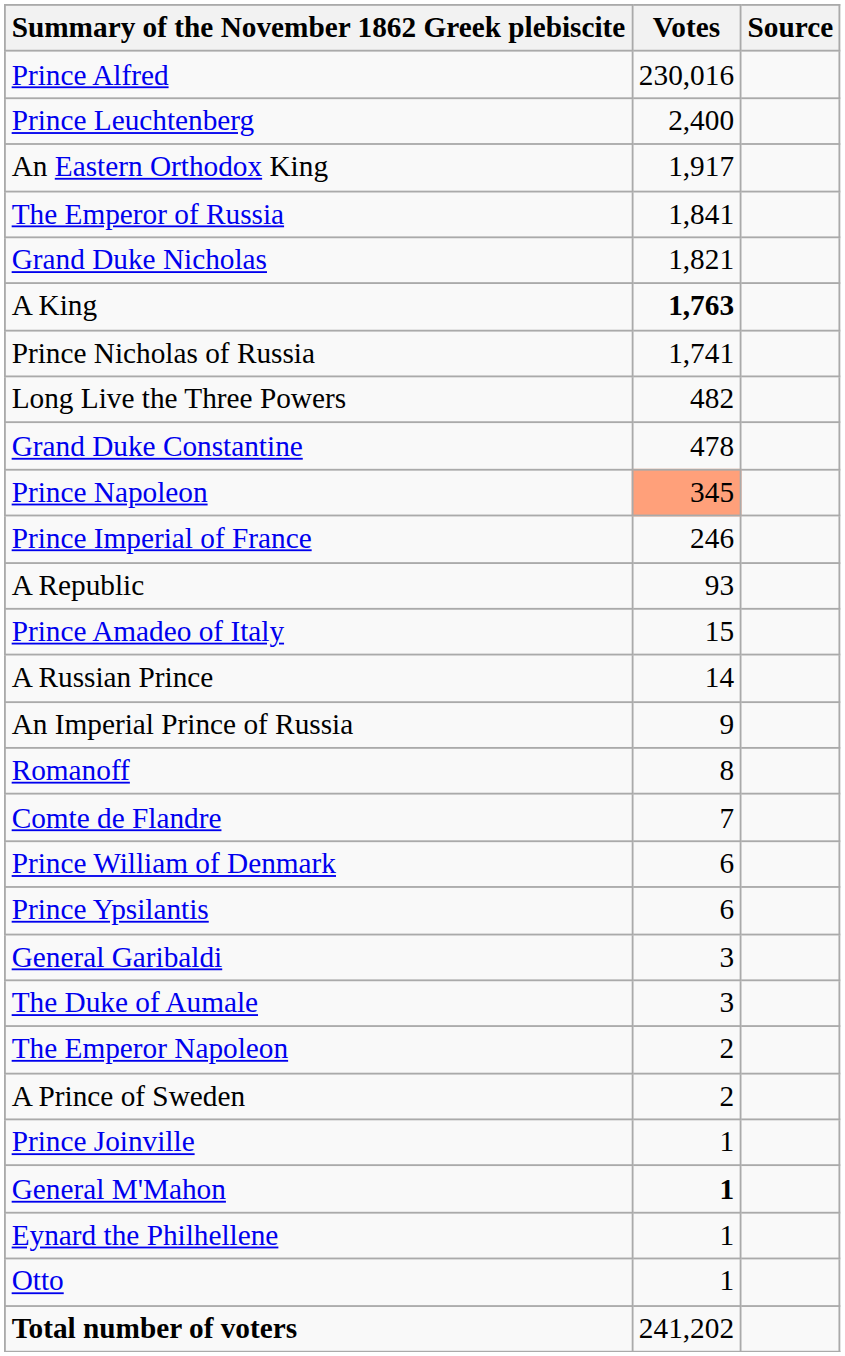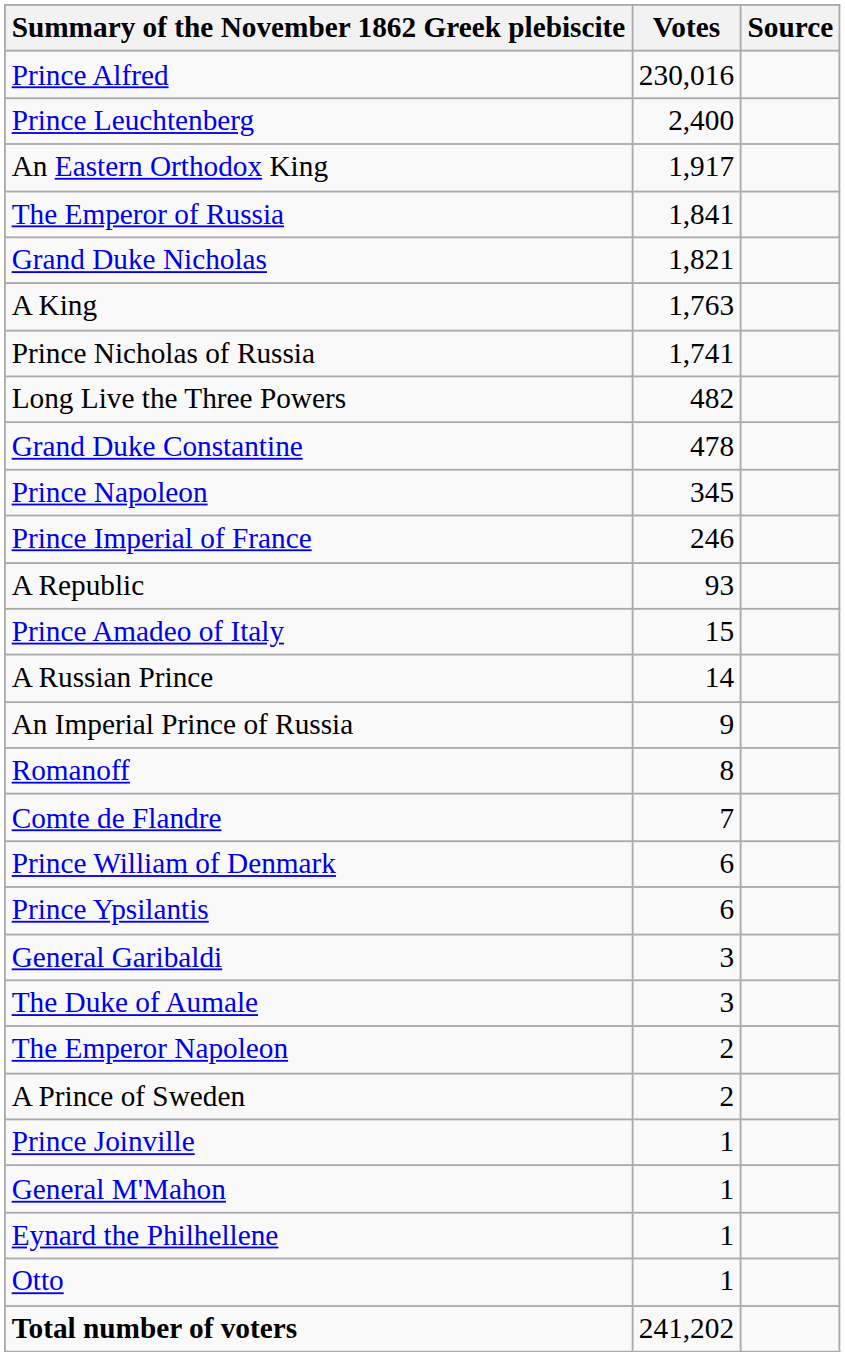 <table class="wikitable">
 <tr>
 <th>Summary of the November 1862 Greek plebiscite</th>
 <th>Votes</th>
 <th>Source</th>
 </tr>
 <tr>
 <td><a href='#'>Prince Alfred</a></td>
 <td align="right">230,016</td>
 <td></td>
 </tr>
 <tr>
 <td><a href='#'>Prince Leuchtenberg</a></td>
 <td align="right">2,400</td>
 <td></td>
 </tr>
 <tr>
 <td>An <a href='#'>Eastern Orthodox</a> King</td>
 <td align="right">1,917</td>
 <td></td>
 </tr>
 <tr>
 <td><a href='#'>The Emperor of Russia</a></td>
 <td align="right">1,841</td>
 <td></td>
 </tr>
 <tr>
 <td><a href='#'>Grand Duke Nicholas</a></td>
 <td align="right">1,821</td>
 <td></td>
 </tr>
 <tr>
 <td>A King</td>
-<td align="right"><strong>1,763</strong></td>
+<td align="right">1,763</td>
 <td></td>
 </tr>
 <tr>
 <td>Prince Nicholas of Russia</td>
 <td align="right">1,741</td>
 <td></td>
 </tr>
 <tr>
 <td>Long Live the Three Powers</td>
 <td align="right">482</td>
 <td></td>
 </tr>
 <tr>
 <td><a href='#'>Grand Duke Constantine</a></td>
 <td align="right">478</td>
 <td></td>
 </tr>
 <tr>
 <td><a href='#'>Prince Napoleon</a></td>
-<td align="right" style="background: lightsalmon;">345</td>
+<td align="right">345</td>
 <td></td>
 </tr>
 <tr>
 <td><a href='#'>Prince Imperial of France</a></td>
 <td align="right">246</td>
 <td></td>
 </tr>
 <tr>
 <td>A Republic</td>
 <td align="right">93</td>
 <td></td>
 </tr>
 <tr>
 <td><a href='#'>Prince Amadeo of Italy</a></td>
 <td align="right">15</td>
 <td></td>
 </tr>
 <tr>
 <td>A Russian Prince</td>
 <td align="right">14</td>
 <td></td>
 </tr>
 <tr>
 <td>An Imperial Prince of Russia</td>
 <td align="right">9</td>
 <td></td>
 </tr>
 <tr>
 <td><a href='#'>Romanoff</a></td>
 <td align="right">8</td>
 <td></td>
 </tr>
 <tr>
 <td><a href='#'>Comte de Flandre</a></td>
 <td align="right">7</td>
 <td></td>
 </tr>
 <tr>
 <td><a href='#'>Prince William of Denmark</a></td>
 <td align="right">6</td>
 <td></td>
 </tr>
 <tr>
 <td><a href='#'>Prince Ypsilantis</a></td>
 <td align="right">6</td>
 <td></td>
 </tr>
 <tr>
 <td><a href='#'>General Garibaldi</a></td>
 <td align="right">3</td>
 <td></td>
 </tr>
 <tr>
 <td><a href='#'>The Duke of Aumale</a></td>
 <td align="right">3</td>
 <td></td>
 </tr>
 <tr>
 <td><a href='#'>The Emperor Napoleon</a></td>
 <td align="right">2</td>
 <td></td>
 </tr>
 <tr>
 <td>A Prince of Sweden</td>
 <td align="right">2</td>
 <td></td>
 </tr>
 <tr>
 <td><a href='#'>Prince Joinville</a></td>
 <td align="right">1</td>
 <td></td>
 </tr>
 <tr>
 <td><a href='#'>General M'Mahon</a></td>
-<td align="right"><strong>1</strong></td>
+<td align="right">1</td>
 <td></td>
 </tr>
 <tr>
 <td><a href='#'>Eynard the Philhellene</a></td>
 <td align="right">1</td>
 <td></td>
 </tr>
 <tr>
 <td><a href='#'>Otto</a></td>
 <td align="right">1</td>
 <td></td>
 </tr>
 <tr>
 <td><strong>Total number of voters</strong></td>
 <td>241,202</td>
 <td></td>
 </tr>
 <tr>
 </tr>
 </table>
